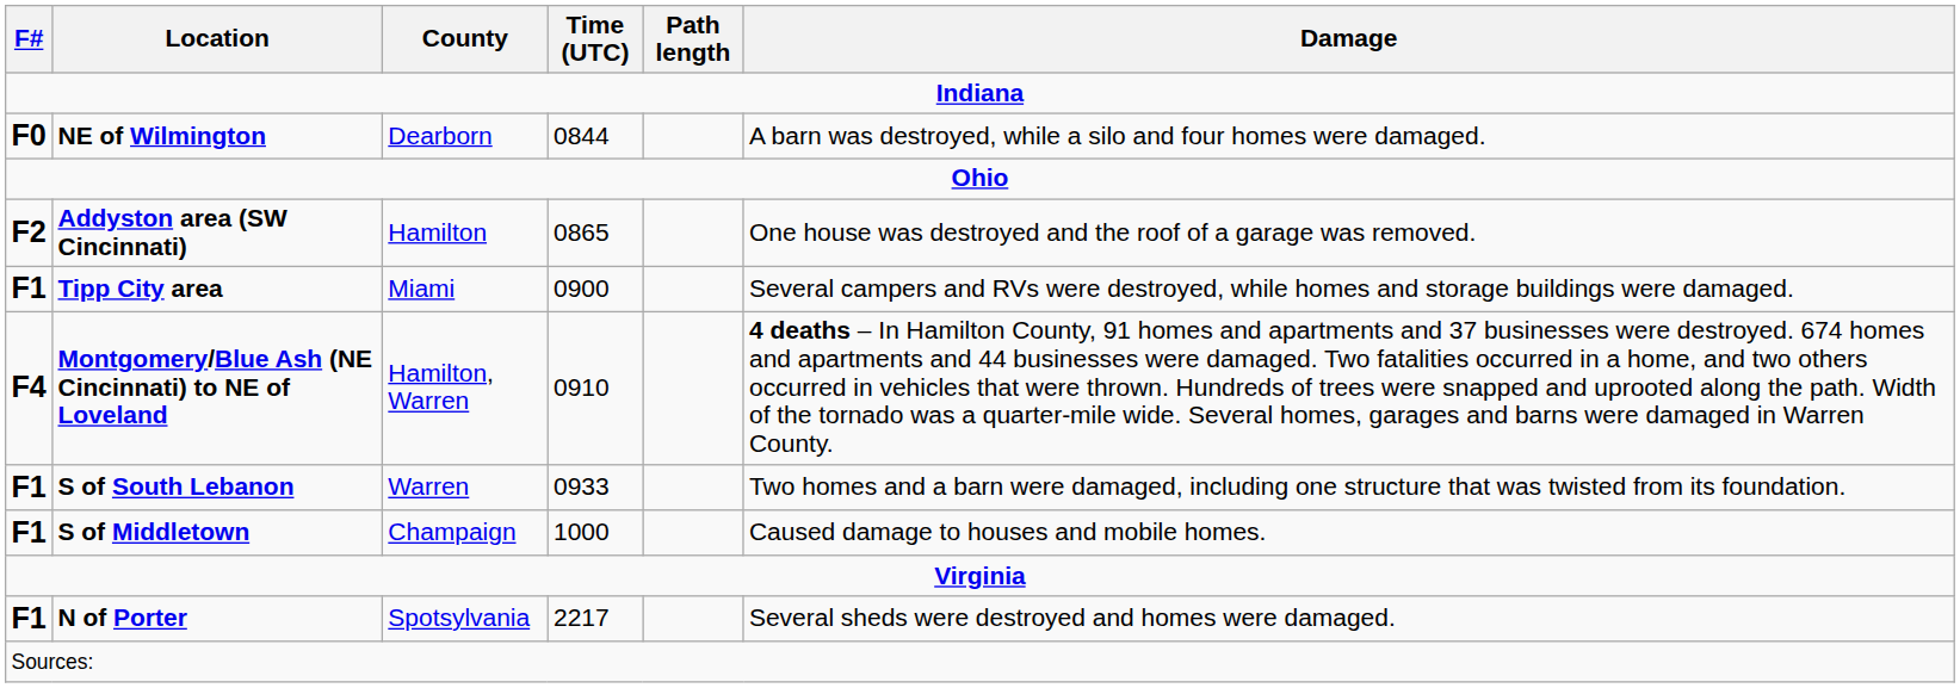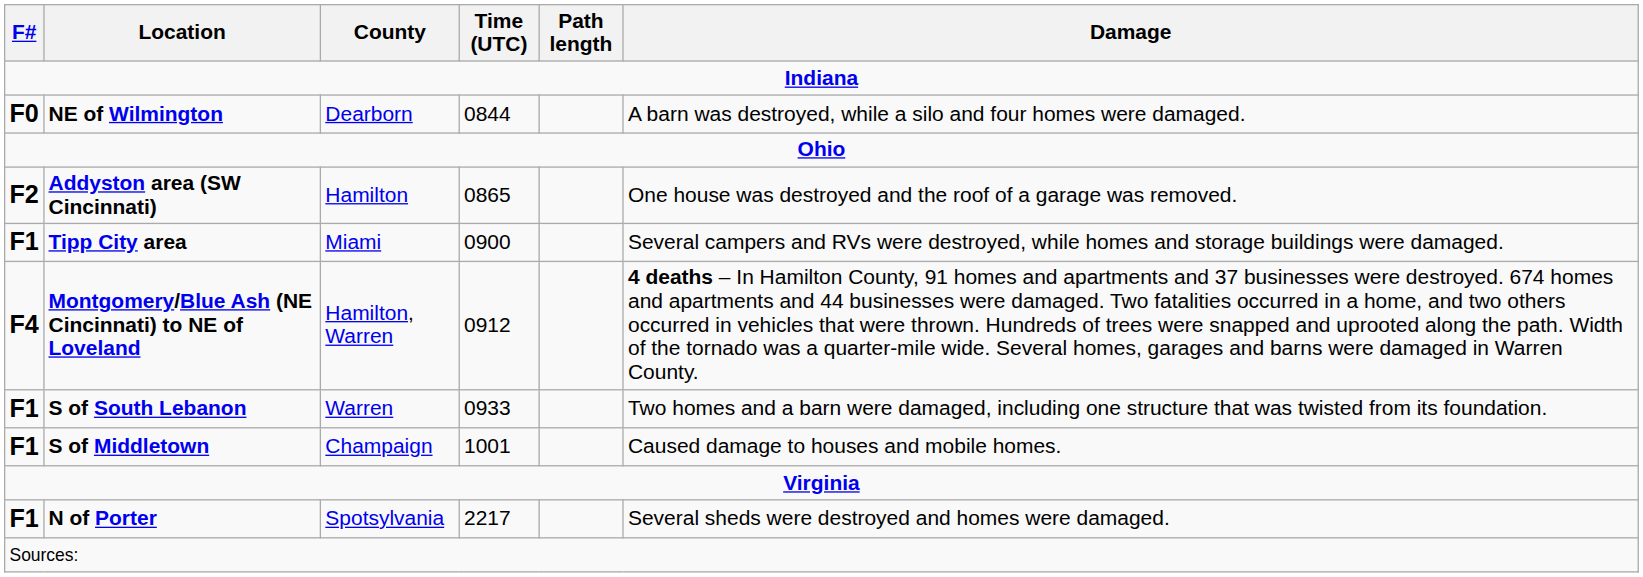 <table class="wikitable">
 <tr>
 <th><strong><a href='#'>F#</a></strong></th>
 <th><strong>Location</strong></th>
 <th><strong>County</strong></th>
 <th><strong>Time (UTC)</strong></th>
 <th><strong>Path length</strong></th>
 <th><strong>Damage</strong></th>
 </tr>
 <tr>
 <td colspan="7" align=center><strong><a href='#'>Indiana</a></strong></td>
 </tr>
 <tr>
 <td><big><strong>F0</strong></big></td>
 <td><strong>NE of <a href='#'>Wilmington</a></strong></td>
 <td><a href='#'>Dearborn</a></td>
 <td>0844</td>
 <td></td>
 <td>A barn was destroyed, while a silo and four homes were damaged.</td>
 </tr>
 <tr>
 <td colspan="7" align=center><strong><a href='#'>Ohio</a></strong></td>
 </tr>
 <tr>
 <td><big><strong>F2</strong></big></td>
 <td><strong><a href='#'>Addyston</a> area (SW Cincinnati)</strong></td>
 <td><a href='#'>Hamilton</a></td>
 <td>0865</td>
 <td></td>
 <td>One house was destroyed and the roof of a garage was removed.</td>
 </tr>
 <tr>
 <td><big><strong>F1</strong></big></td>
 <td><strong><a href='#'>Tipp City</a> area</strong></td>
 <td><a href='#'>Miami</a></td>
 <td>0900</td>
 <td></td>
 <td>Several campers and RVs were destroyed, while homes and storage buildings were damaged.</td>
 </tr>
 <tr>
 <td><big><strong>F4</strong></big></td>
 <td><strong><a href='#'>Montgomery</a>/<a href='#'>Blue Ash</a> (NE Cincinnati) to NE of <a href='#'>Loveland</a></strong></td>
 <td><a href='#'>Hamilton</a>, <a href='#'>Warren</a></td>
-<td>0910</td>
+<td>0912</td>
 <td></td>
 <td><strong>4 deaths</strong> – In Hamilton County, 91 homes and apartments and 37 businesses were destroyed. 674 homes and apartments and 44 businesses were damaged. Two fatalities occurred in a home, and two others occurred in vehicles that were thrown. Hundreds of trees were snapped and uprooted along the path. Width of the tornado was a quarter-mile wide. Several homes, garages and barns were damaged in Warren County.</td>
 </tr>
 <tr>
 <td><big><strong>F1</strong></big></td>
 <td><strong>S of <a href='#'>South Lebanon</a></strong></td>
 <td><a href='#'>Warren</a></td>
 <td>0933</td>
 <td></td>
 <td>Two homes and a barn were damaged, including one structure that was twisted from its foundation.</td>
 </tr>
 <tr>
 <td><big><strong>F1</strong></big></td>
 <td><strong>S of <a href='#'>Middletown</a></strong></td>
 <td><a href='#'>Champaign</a></td>
-<td>1000</td>
+<td>1001</td>
 <td></td>
 <td>Caused damage to houses and mobile homes.</td>
 </tr>
 <tr>
 <td colspan="7" align=center><strong><a href='#'>Virginia</a></strong></td>
 </tr>
 <tr>
 <td><big><strong>F1</strong></big></td>
 <td><strong>N of <a href='#'>Porter</a></strong></td>
 <td><a href='#'>Spotsylvania</a></td>
 <td>2217</td>
 <td></td>
 <td>Several sheds were destroyed and homes were damaged.</td>
 </tr>
 <tr>
 <td colspan="7"><small>Sources: </small></td>
 </tr>
 </table>
